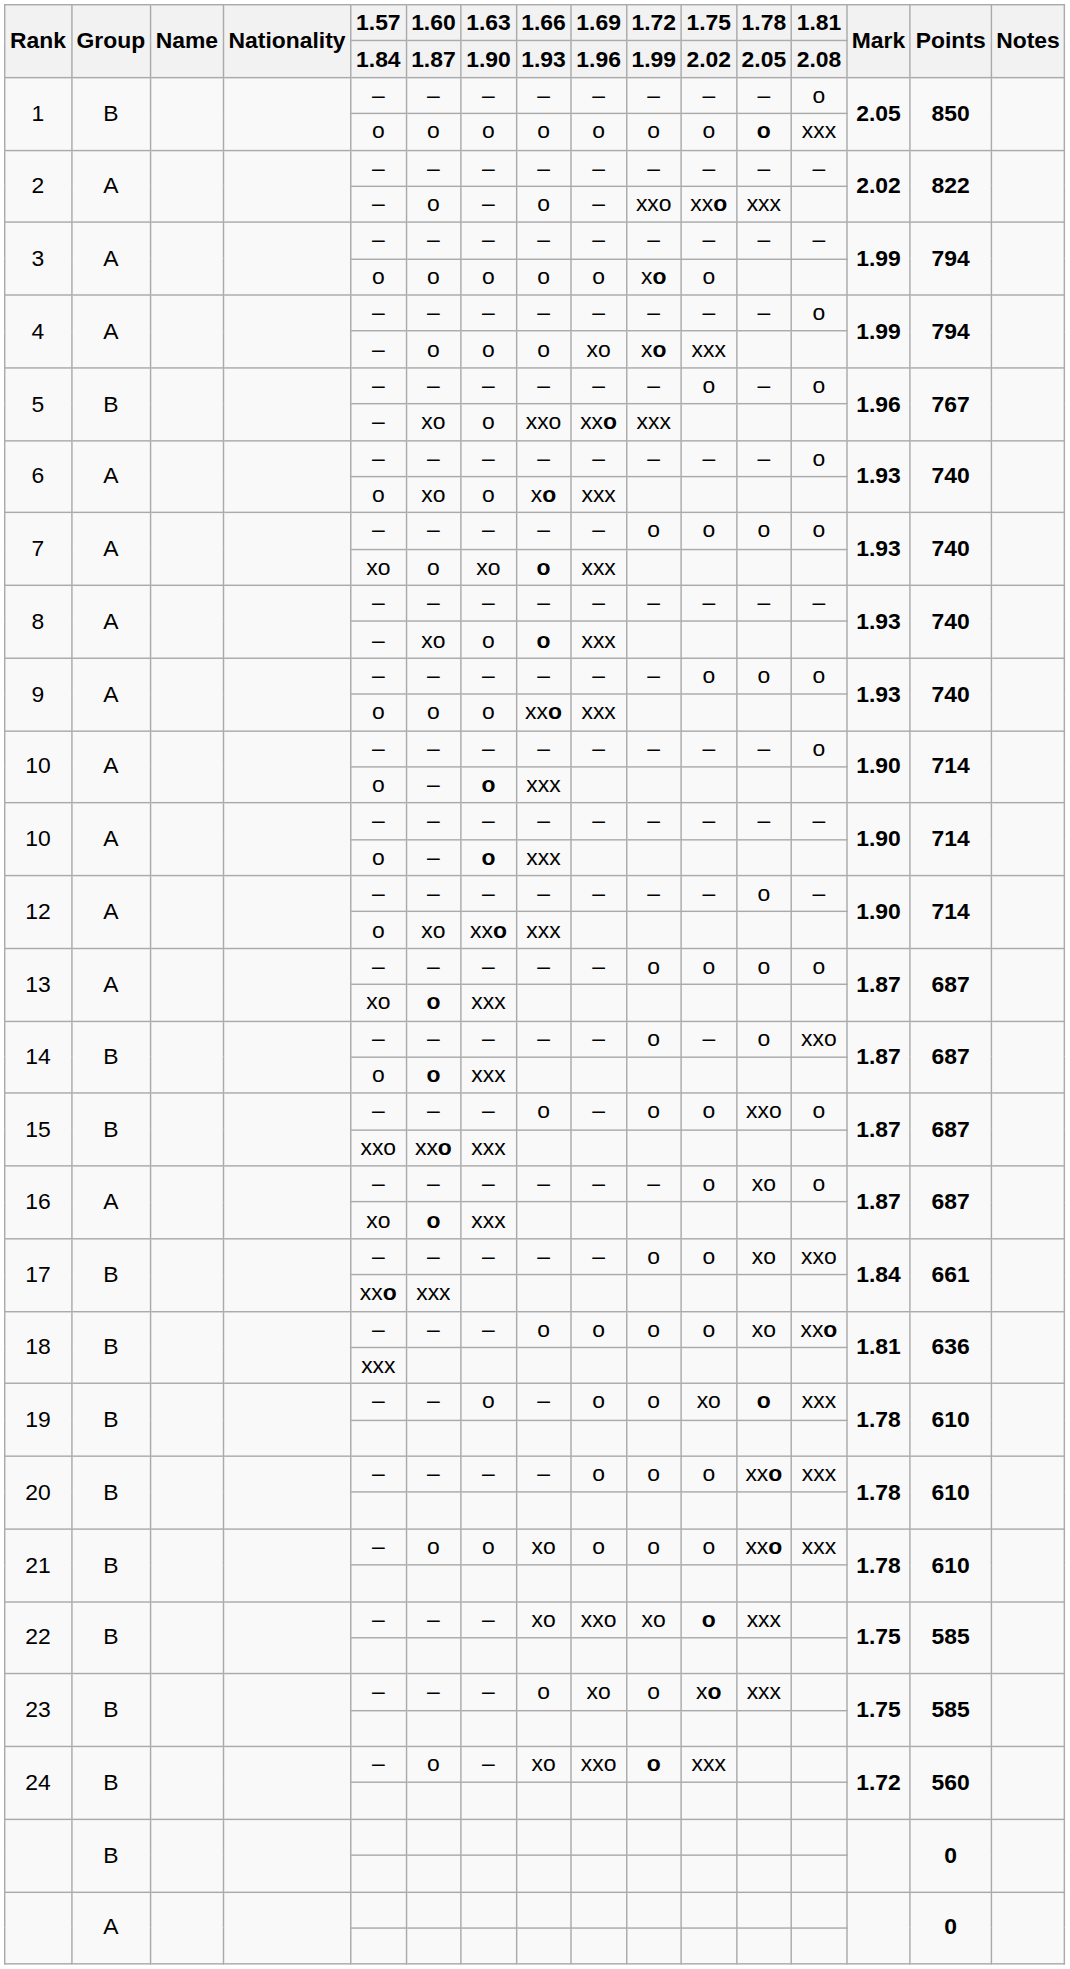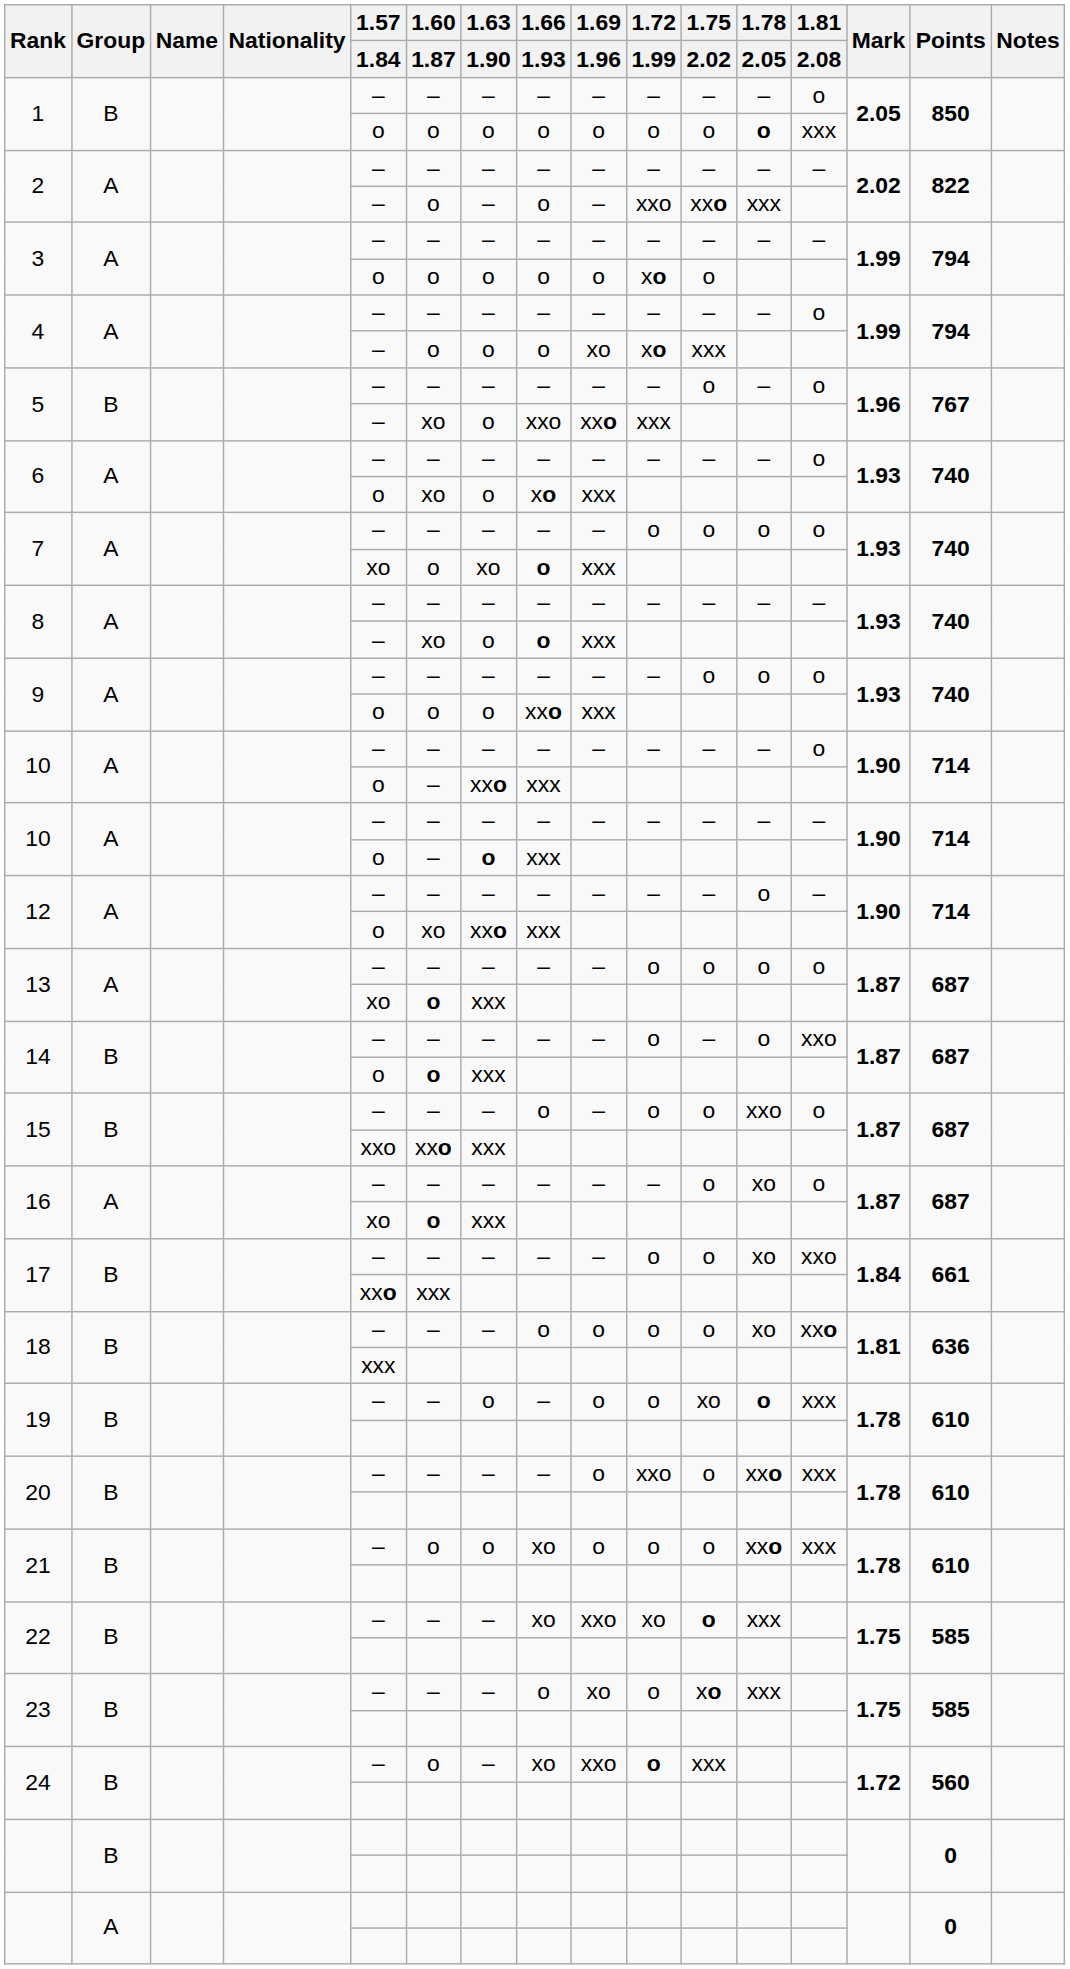 <table class="wikitable sortable" style="text-align:center">
 <tr>
 <th rowspan=2>Rank</th>
 <th rowspan=2>Group</th>
 <th rowspan=2>Name</th>
 <th rowspan=2>Nationality</th>
 <th>1.57</th>
 <th>1.60</th>
 <th>1.63</th>
 <th>1.66</th>
 <th>1.69</th>
 <th>1.72</th>
 <th>1.75</th>
 <th>1.78</th>
 <th>1.81</th>
 <th rowspan=2>Mark</th>
 <th rowspan=2>Points</th>
 <th rowspan=2>Notes</th>
 </tr>
 <tr>
 <th class=unsortable>1.84</th>
 <th class=unsortable>1.87</th>
 <th class=unsortable>1.90</th>
 <th class=unsortable>1.93</th>
 <th class=unsortable>1.96</th>
 <th class=unsortable>1.99</th>
 <th class=unsortable>2.02</th>
 <th class=unsortable>2.05</th>
 <th class=unsortable>2.08</th>
 </tr>
 <tr>
 <td rowspan=2>1</td>
 <td rowspan=2>B</td>
 <td rowspan=2 align=left></td>
 <td rowspan=2 align=left></td>
 <td>–</td>
 <td>–</td>
 <td>–</td>
 <td>–</td>
 <td>–</td>
 <td>–</td>
 <td>–</td>
 <td>–</td>
 <td>o</td>
 <td rowspan=2><strong>2.05</strong></td>
 <td rowspan=2><strong>850</strong></td>
 <td rowspan=2></td>
 </tr>
 <tr>
 <td>o</td>
 <td>o</td>
 <td>o</td>
 <td>o</td>
 <td>o</td>
 <td>o</td>
 <td>o</td>
 <td><strong>o</strong></td>
 <td>xxx</td>
 </tr>
 <tr>
 <td rowspan=2>2</td>
 <td rowspan=2>A</td>
 <td rowspan=2 align=left></td>
 <td rowspan=2 align=left></td>
 <td>–</td>
 <td>–</td>
 <td>–</td>
 <td>–</td>
 <td>–</td>
 <td>–</td>
 <td>–</td>
 <td>–</td>
 <td>–</td>
 <td rowspan=2><strong>2.02</strong></td>
 <td rowspan=2><strong>822</strong></td>
 <td rowspan=2></td>
 </tr>
 <tr>
 <td>–</td>
 <td>o</td>
 <td>–</td>
 <td>o</td>
 <td>–</td>
 <td>xxo</td>
 <td>xx<strong>o</strong></td>
 <td>xxx</td>
 <td></td>
 </tr>
 <tr>
 <td rowspan=2>3</td>
 <td rowspan=2>A</td>
 <td rowspan=2 align=left></td>
 <td rowspan=2 align=left></td>
 <td>–</td>
 <td>–</td>
 <td>–</td>
 <td>–</td>
 <td>–</td>
 <td>–</td>
 <td>–</td>
 <td>–</td>
 <td>–</td>
 <td rowspan=2><strong>1.99</strong></td>
 <td rowspan=2><strong>794</strong></td>
 <td rowspan=2></td>
 </tr>
 <tr>
 <td>o</td>
 <td>o</td>
 <td>o</td>
 <td>o</td>
 <td>o</td>
 <td>x<strong>o</strong></td>
 <td>o</td>
 <td></td>
 <td></td>
 </tr>
 <tr>
 <td rowspan=2>4</td>
 <td rowspan=2>A</td>
 <td rowspan=2 align=left></td>
 <td rowspan=2 align=left></td>
 <td>–</td>
 <td>–</td>
 <td>–</td>
 <td>–</td>
 <td>–</td>
 <td>–</td>
 <td>–</td>
 <td>–</td>
 <td>o</td>
 <td rowspan=2><strong>1.99</strong></td>
 <td rowspan=2><strong>794</strong></td>
 <td rowspan=2></td>
 </tr>
 <tr>
 <td>–</td>
 <td>o</td>
 <td>o</td>
 <td>o</td>
 <td>xo</td>
 <td>x<strong>o</strong></td>
 <td>xxx</td>
 <td></td>
 <td></td>
 </tr>
 <tr>
 <td rowspan=2>5</td>
 <td rowspan=2>B</td>
 <td rowspan=2 align=left></td>
 <td rowspan=2 align=left></td>
 <td>–</td>
 <td>–</td>
 <td>–</td>
 <td>–</td>
 <td>–</td>
 <td>–</td>
 <td>o</td>
 <td>–</td>
 <td>o</td>
 <td rowspan=2><strong>1.96</strong></td>
 <td rowspan=2><strong>767</strong></td>
 <td rowspan=2></td>
 </tr>
 <tr>
 <td>–</td>
 <td>xo</td>
 <td>o</td>
 <td>xxo</td>
 <td>xx<strong>o</strong></td>
 <td>xxx</td>
 <td></td>
 <td></td>
 <td></td>
 </tr>
 <tr>
 <td rowspan=2>6</td>
 <td rowspan=2>A</td>
 <td rowspan=2 align=left></td>
 <td rowspan=2 align=left></td>
 <td>–</td>
 <td>–</td>
 <td>–</td>
 <td>–</td>
 <td>–</td>
 <td>–</td>
 <td>–</td>
 <td>–</td>
 <td>o</td>
 <td rowspan=2><strong>1.93</strong></td>
 <td rowspan=2><strong>740</strong></td>
 <td rowspan=2></td>
 </tr>
 <tr>
 <td>o</td>
 <td>xo</td>
 <td>o</td>
 <td>x<strong>o</strong></td>
 <td>xxx</td>
 <td></td>
 <td></td>
 <td></td>
 <td></td>
 </tr>
 <tr>
 <td rowspan=2>7</td>
 <td rowspan=2>A</td>
 <td rowspan=2 align=left></td>
 <td rowspan=2 align=left></td>
 <td>–</td>
 <td>–</td>
 <td>–</td>
 <td>–</td>
 <td>–</td>
 <td>o</td>
 <td>o</td>
 <td>o</td>
 <td>o</td>
 <td rowspan=2><strong>1.93</strong></td>
 <td rowspan=2><strong>740</strong></td>
 <td rowspan=2></td>
 </tr>
 <tr>
 <td>xo</td>
 <td>o</td>
 <td>xo</td>
 <td><strong>o</strong></td>
 <td>xxx</td>
 <td></td>
 <td></td>
 <td></td>
 <td></td>
 </tr>
 <tr>
 <td rowspan=2>8</td>
 <td rowspan=2>A</td>
 <td rowspan=2 align=left></td>
 <td rowspan=2 align=left></td>
 <td>–</td>
 <td>–</td>
 <td>–</td>
 <td>–</td>
 <td>–</td>
 <td>–</td>
 <td>–</td>
 <td>–</td>
 <td>–</td>
 <td rowspan=2><strong>1.93</strong></td>
 <td rowspan=2><strong>740</strong></td>
 <td rowspan=2></td>
 </tr>
 <tr>
 <td>–</td>
 <td>xo</td>
 <td>o</td>
 <td><strong>o</strong></td>
 <td>xxx</td>
 <td></td>
 <td></td>
 <td></td>
 <td></td>
 </tr>
 <tr>
 <td rowspan=2>9</td>
 <td rowspan=2>A</td>
 <td rowspan=2 align=left></td>
 <td rowspan=2 align=left></td>
 <td>–</td>
 <td>–</td>
 <td>–</td>
 <td>–</td>
 <td>–</td>
 <td>–</td>
 <td>o</td>
 <td>o</td>
 <td>o</td>
 <td rowspan=2><strong>1.93</strong></td>
 <td rowspan=2><strong>740</strong></td>
 <td rowspan=2></td>
 </tr>
 <tr>
 <td>o</td>
 <td>o</td>
 <td>o</td>
 <td>xx<strong>o</strong></td>
 <td>xxx</td>
 <td></td>
 <td></td>
 <td></td>
 <td></td>
 </tr>
 <tr>
 <td rowspan=2>10</td>
 <td rowspan=2>A</td>
 <td rowspan=2 align=left></td>
 <td rowspan=2 align=left></td>
 <td>–</td>
 <td>–</td>
 <td>–</td>
 <td>–</td>
 <td>–</td>
 <td>–</td>
 <td>–</td>
 <td>–</td>
 <td>o</td>
 <td rowspan=2><strong>1.90</strong></td>
 <td rowspan=2><strong>714</strong></td>
 <td rowspan=2></td>
 </tr>
 <tr>
 <td>o</td>
 <td>–</td>
-<td><strong>o</strong></td>
+<td>xx<strong>o</strong></td>
 <td>xxx</td>
 <td></td>
 <td></td>
 <td></td>
 <td></td>
 <td></td>
 </tr>
 <tr>
 <td rowspan=2>10</td>
 <td rowspan=2>A</td>
 <td rowspan=2 align=left></td>
 <td rowspan=2 align=left></td>
 <td>–</td>
 <td>–</td>
 <td>–</td>
 <td>–</td>
 <td>–</td>
 <td>–</td>
 <td>–</td>
 <td>–</td>
 <td>–</td>
 <td rowspan=2><strong>1.90</strong></td>
 <td rowspan=2><strong>714</strong></td>
 <td rowspan=2></td>
 </tr>
 <tr>
 <td>o</td>
 <td>–</td>
 <td><strong>o</strong></td>
 <td>xxx</td>
 <td></td>
 <td></td>
 <td></td>
 <td></td>
 <td></td>
 </tr>
 <tr>
 <td rowspan=2>12</td>
 <td rowspan=2>A</td>
 <td rowspan=2 align=left></td>
 <td rowspan=2 align=left></td>
 <td>–</td>
 <td>–</td>
 <td>–</td>
 <td>–</td>
 <td>–</td>
 <td>–</td>
 <td>–</td>
 <td>o</td>
 <td>–</td>
 <td rowspan=2><strong>1.90</strong></td>
 <td rowspan=2><strong>714</strong></td>
 <td rowspan=2></td>
 </tr>
 <tr>
 <td>o</td>
 <td>xo</td>
 <td>xx<strong>o</strong></td>
 <td>xxx</td>
 <td></td>
 <td></td>
 <td></td>
 <td></td>
 <td></td>
 </tr>
 <tr>
 <td rowspan=2>13</td>
 <td rowspan=2>A</td>
 <td rowspan=2 align=left></td>
 <td rowspan=2 align=left></td>
 <td>–</td>
 <td>–</td>
 <td>–</td>
 <td>–</td>
 <td>–</td>
 <td>o</td>
 <td>o</td>
 <td>o</td>
 <td>o</td>
 <td rowspan=2><strong>1.87</strong></td>
 <td rowspan=2><strong>687</strong></td>
 <td rowspan=2></td>
 </tr>
 <tr>
 <td>xo</td>
 <td><strong>o</strong></td>
 <td>xxx</td>
 <td></td>
 <td></td>
 <td></td>
 <td></td>
 <td></td>
 <td></td>
 </tr>
 <tr>
 <td rowspan=2>14</td>
 <td rowspan=2>B</td>
 <td rowspan=2 align=left></td>
 <td rowspan=2 align=left></td>
 <td>–</td>
 <td>–</td>
 <td>–</td>
 <td>–</td>
 <td>–</td>
 <td>o</td>
 <td>–</td>
 <td>o</td>
 <td>xxo</td>
 <td rowspan=2><strong>1.87</strong></td>
 <td rowspan=2><strong>687</strong></td>
 <td rowspan=2></td>
 </tr>
 <tr>
 <td>o</td>
 <td><strong>o</strong></td>
 <td>xxx</td>
 <td></td>
 <td></td>
 <td></td>
 <td></td>
 <td></td>
 <td></td>
 </tr>
 <tr>
 <td rowspan=2>15</td>
 <td rowspan=2>B</td>
 <td rowspan=2 align=left></td>
 <td rowspan=2 align=left></td>
 <td>–</td>
 <td>–</td>
 <td>–</td>
 <td>o</td>
 <td>–</td>
 <td>o</td>
 <td>o</td>
 <td>xxo</td>
 <td>o</td>
 <td rowspan=2><strong>1.87</strong></td>
 <td rowspan=2><strong>687</strong></td>
 <td rowspan=2></td>
 </tr>
 <tr>
 <td>xxo</td>
 <td>xx<strong>o</strong></td>
 <td>xxx</td>
 <td></td>
 <td></td>
 <td></td>
 <td></td>
 <td></td>
 <td></td>
 </tr>
 <tr>
 <td rowspan=2>16</td>
 <td rowspan=2>A</td>
 <td rowspan=2 align=left></td>
 <td rowspan=2 align=left></td>
 <td>–</td>
 <td>–</td>
 <td>–</td>
 <td>–</td>
 <td>–</td>
 <td>–</td>
 <td>o</td>
 <td>xo</td>
 <td>o</td>
 <td rowspan=2><strong>1.87</strong></td>
 <td rowspan=2><strong>687</strong></td>
 <td rowspan=2></td>
 </tr>
 <tr>
 <td>xo</td>
 <td><strong>o</strong></td>
 <td>xxx</td>
 <td></td>
 <td></td>
 <td></td>
 <td></td>
 <td></td>
 <td></td>
 </tr>
 <tr>
 <td rowspan=2>17</td>
 <td rowspan=2>B</td>
 <td rowspan=2 align=left></td>
 <td rowspan=2 align=left></td>
 <td>–</td>
 <td>–</td>
 <td>–</td>
 <td>–</td>
 <td>–</td>
 <td>o</td>
 <td>o</td>
 <td>xo</td>
 <td>xxo</td>
 <td rowspan=2><strong>1.84</strong></td>
 <td rowspan=2><strong>661</strong></td>
 <td rowspan=2></td>
 </tr>
 <tr>
 <td>xx<strong>o</strong></td>
 <td>xxx</td>
 <td></td>
 <td></td>
 <td></td>
 <td></td>
 <td></td>
 <td></td>
 <td></td>
 </tr>
 <tr>
 <td rowspan=2>18</td>
 <td rowspan=2>B</td>
 <td rowspan=2 align=left></td>
 <td rowspan=2 align=left></td>
 <td>–</td>
 <td>–</td>
 <td>–</td>
 <td>o</td>
 <td>o</td>
 <td>o</td>
 <td>o</td>
 <td>xo</td>
 <td>xx<strong>o</strong></td>
 <td rowspan=2><strong>1.81</strong></td>
 <td rowspan=2><strong>636</strong></td>
 <td rowspan=2></td>
 </tr>
 <tr>
 <td>xxx</td>
 <td></td>
 <td></td>
 <td></td>
 <td></td>
 <td></td>
 <td></td>
 <td></td>
 <td></td>
 </tr>
 <tr>
 <td rowspan=2>19</td>
 <td rowspan=2>B</td>
 <td rowspan=2 align=left></td>
 <td rowspan=2 align=left></td>
 <td>–</td>
 <td>–</td>
 <td>o</td>
 <td>–</td>
 <td>o</td>
 <td>o</td>
 <td>xo</td>
 <td><strong>o</strong></td>
 <td>xxx</td>
 <td rowspan=2><strong>1.78</strong></td>
 <td rowspan=2><strong>610</strong></td>
 <td rowspan=2></td>
 </tr>
 <tr>
 <td> </td>
 <td></td>
 <td></td>
 <td></td>
 <td></td>
 <td></td>
 <td></td>
 <td></td>
 <td></td>
 </tr>
 <tr>
 <td rowspan=2>20</td>
 <td rowspan=2>B</td>
 <td rowspan=2 align=left></td>
 <td rowspan=2 align=left></td>
 <td>–</td>
 <td>–</td>
 <td>–</td>
 <td>–</td>
 <td>o</td>
-<td>o</td>
+<td>xxo</td>
 <td>o</td>
 <td>xx<strong>o</strong></td>
 <td>xxx</td>
 <td rowspan=2><strong>1.78</strong></td>
 <td rowspan=2><strong>610</strong></td>
 <td rowspan=2></td>
 </tr>
 <tr>
 <td> </td>
 <td></td>
 <td></td>
 <td></td>
 <td></td>
 <td></td>
 <td></td>
 <td></td>
 <td></td>
 </tr>
 <tr>
 <td rowspan=2>21</td>
 <td rowspan=2>B</td>
 <td rowspan=2 align=left></td>
 <td rowspan=2 align=left></td>
 <td>–</td>
 <td>o</td>
 <td>o</td>
 <td>xo</td>
 <td>o</td>
 <td>o</td>
 <td>o</td>
 <td>xx<strong>o</strong></td>
 <td>xxx</td>
 <td rowspan=2><strong>1.78</strong></td>
 <td rowspan=2><strong>610</strong></td>
 <td rowspan=2></td>
 </tr>
 <tr>
 <td> </td>
 <td></td>
 <td></td>
 <td></td>
 <td></td>
 <td></td>
 <td></td>
 <td></td>
 <td></td>
 </tr>
 <tr>
 <td rowspan=2>22</td>
 <td rowspan=2>B</td>
 <td rowspan=2 align=left></td>
 <td rowspan=2 align=left></td>
 <td>–</td>
 <td>–</td>
 <td>–</td>
 <td>xo</td>
 <td>xxo</td>
 <td>xo</td>
 <td><strong>o</strong></td>
 <td>xxx</td>
 <td></td>
 <td rowspan=2><strong>1.75</strong></td>
 <td rowspan=2><strong>585</strong></td>
 <td rowspan=2></td>
 </tr>
 <tr>
 <td> </td>
 <td></td>
 <td></td>
 <td></td>
 <td></td>
 <td></td>
 <td></td>
 <td></td>
 <td></td>
 </tr>
 <tr>
 <td rowspan=2>23</td>
 <td rowspan=2>B</td>
 <td rowspan=2 align=left></td>
 <td rowspan=2 align=left></td>
 <td>–</td>
 <td>–</td>
 <td>–</td>
 <td>o</td>
 <td>xo</td>
 <td>o</td>
 <td>x<strong>o</strong></td>
 <td>xxx</td>
 <td></td>
 <td rowspan=2><strong>1.75</strong></td>
 <td rowspan=2><strong>585</strong></td>
 <td rowspan=2></td>
 </tr>
 <tr>
 <td> </td>
 <td></td>
 <td></td>
 <td></td>
 <td></td>
 <td></td>
 <td></td>
 <td></td>
 <td></td>
 </tr>
 <tr>
 <td rowspan=2>24</td>
 <td rowspan=2>B</td>
 <td rowspan=2 align=left></td>
 <td rowspan=2 align=left></td>
 <td>–</td>
 <td>o</td>
 <td>–</td>
 <td>xo</td>
 <td>xxo</td>
 <td><strong>o</strong></td>
 <td>xxx</td>
 <td></td>
 <td></td>
 <td rowspan=2><strong>1.72</strong></td>
 <td rowspan=2><strong>560</strong></td>
 <td rowspan=2></td>
 </tr>
 <tr>
 <td> </td>
 <td></td>
 <td></td>
 <td></td>
 <td></td>
 <td></td>
 <td></td>
 <td></td>
 <td></td>
 </tr>
 <tr>
 <td rowspan=2></td>
 <td rowspan=2>B</td>
 <td rowspan=2 align=left></td>
 <td rowspan=2 align=left></td>
 <td> </td>
 <td></td>
 <td></td>
 <td></td>
 <td></td>
 <td></td>
 <td></td>
 <td></td>
 <td></td>
 <td rowspan=2><strong></strong></td>
 <td rowspan=2><strong>0</strong></td>
 <td rowspan=2></td>
 </tr>
 <tr>
 <td> </td>
 <td></td>
 <td></td>
 <td></td>
 <td></td>
 <td></td>
 <td></td>
 <td></td>
 <td></td>
 </tr>
 <tr>
 <td rowspan=2></td>
 <td rowspan=2>A</td>
 <td rowspan=2 align=left></td>
 <td rowspan=2 align=left></td>
 <td> </td>
 <td></td>
 <td></td>
 <td></td>
 <td></td>
 <td></td>
 <td></td>
 <td></td>
 <td></td>
 <td rowspan=2><strong></strong></td>
 <td rowspan=2><strong>0</strong></td>
 <td rowspan=2></td>
 </tr>
 <tr>
 <td> </td>
 <td></td>
 <td></td>
 <td></td>
 <td></td>
 <td></td>
 <td></td>
 <td></td>
 <td></td>
 </tr>
 </table>
